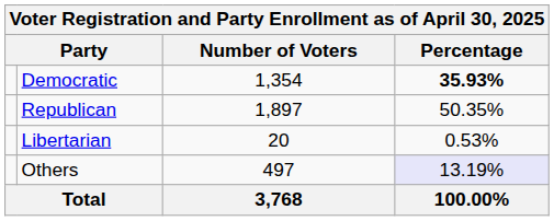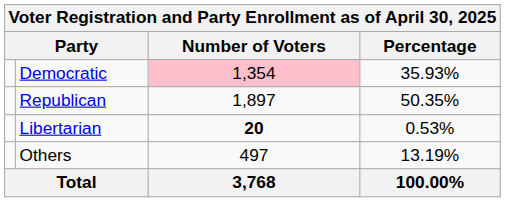 <table class=wikitable>
 <tr>
 <th colspan = 6>Voter Registration and Party Enrollment as of April 30, 2025</th>
 </tr>
 <tr>
 <th colspan = 2>Party</th>
 <th>Number of Voters</th>
 <th>Percentage</th>
 </tr>
 <tr>
 <td></td>
 <td><a href='#'>Democratic</a></td>
-<td align = center>1,354</td>
-<td align = center><strong>35.93%</strong></td>
+<td align = center style="background: pink;">1,354</td>
+<td align = center>35.93%</td>
 </tr>
 <tr>
 <td></td>
 <td><a href='#'>Republican</a></td>
 <td align = center>1,897</td>
 <td align = center>50.35%</td>
 </tr>
 <tr>
 <td></td>
 <td><a href='#'>Libertarian</a></td>
-<td align = center>20</td>
+<td align = center><strong>20</strong></td>
 <td align = center>0.53%</td>
 </tr>
 <tr>
 <td></td>
 <td>Others</td>
 <td align = center>497</td>
-<td align = center style="background: lavender;">13.19%</td>
+<td align = center>13.19%</td>
 </tr>
 <tr>
 <th colspan = 2>Total</th>
 <th align = center>3,768</th>
 <th align = center>100.00%</th>
 </tr>
 </table>
